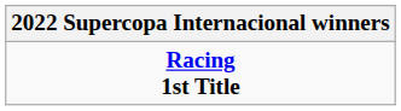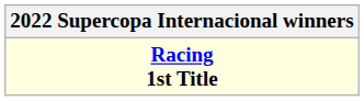 <table class="wikitable" style="text-align: center; margin: 0 auto;">
 <tr>
 <th>2022 Supercopa Internacional winners</th>
 </tr>
 <tr>
-<td><strong><a href='#'>Racing</a></strong><br><strong>1st Title</strong></td>
+<td style="background: lightyellow;"><strong><a href='#'>Racing</a></strong><br><strong>1st Title</strong></td>
 </tr>
 </table>
